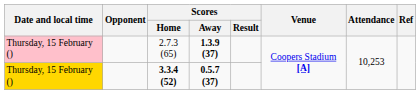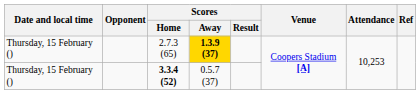 <table class="wikitable plainrowheaders" style="font-size:90%; width:100%; text-align:center;">
 <tr>
 <th scope="col" rowspan=2>Date and local time</th>
 <th scope="col" rowspan=2>Opponent</th>
 <th scope="col" colspan=3>Scores</th>
 <th scope="col" rowspan=2>Venue</th>
 <th scope="col" rowspan=2>Attendance</th>
 <th scope="col" rowspan=2>Ref</th>
 </tr>
 <tr>
 <th scope="col">Home</th>
 <th scope="col">Away</th>
 <th scope="col">Result</th>
 </tr>
 <tr>
-<td align=left style="background: pink;">Thursday, 15 February ()</td>
+<td align=left>Thursday, 15 February ()</td>
 <td align=left></td>
 <td>2.7.3 (65)</td>
-<td><strong>1.3.9 (37)</strong></td>
+<td style="background: gold;"><strong>1.3.9 (37)</strong></td>
 <td></td>
 <td rowspan="2"><a href='#'>Coopers Stadium</a> <a href='#'><strong>[A]</strong></a></td>
 <td rowspan="2">10,253</td>
 <td rowspan="2"></td>
 </tr>
 <tr>
-<td align=left style="background: gold;">Thursday, 15 February ()</td>
+<td align=left>Thursday, 15 February ()</td>
 <td align=left></td>
 <td><strong>3.3.4 (52)</strong></td>
-<td><strong>0.5.7 (37)</strong></td>
+<td>0.5.7 (37)</td>
 <td></td>
 </tr>
 </table>
